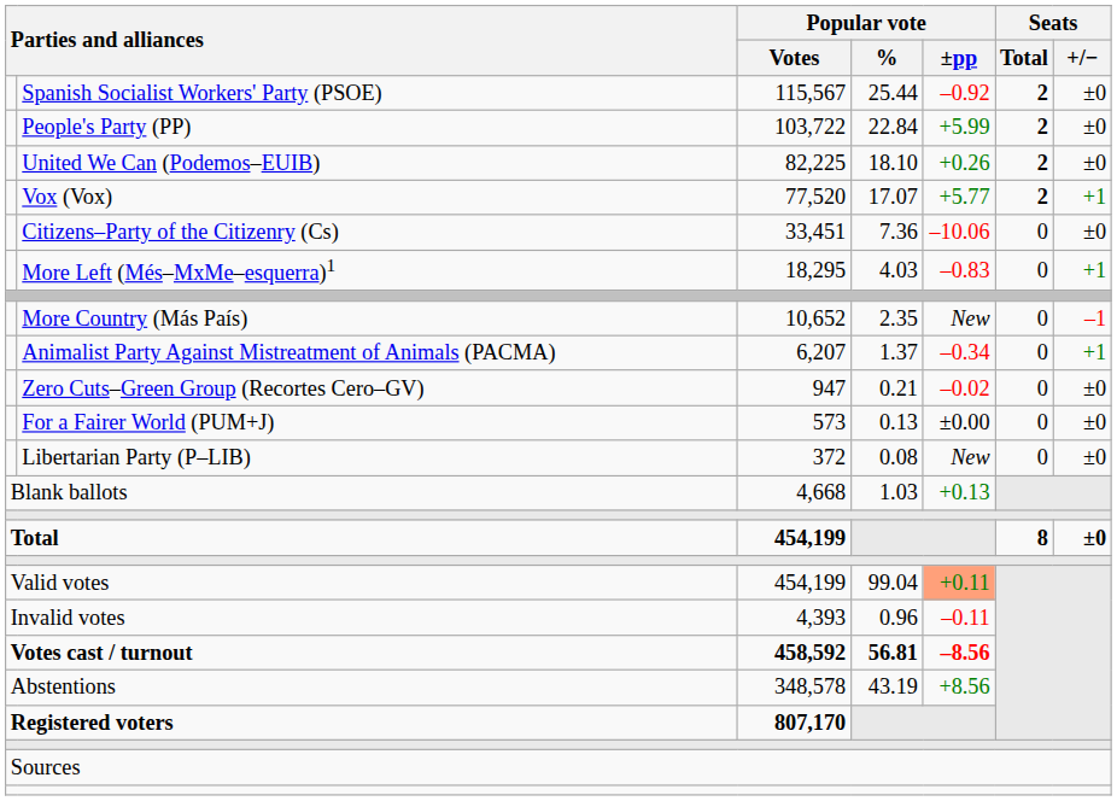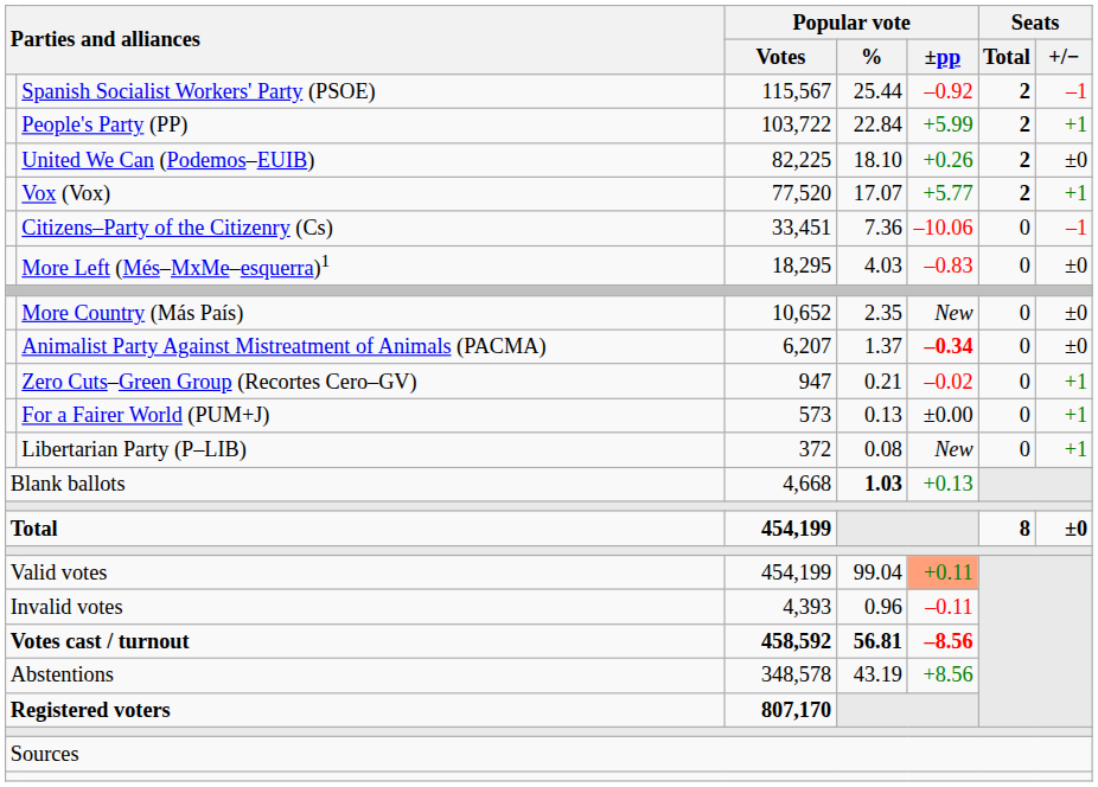 <table class="wikitable" style="text-align:right;">
 <tr>
 <th style="text-align:left;" rowspan="2" colspan="2" width="525">Parties and alliances</th>
 <th colspan="3">Popular vote</th>
 <th colspan="2">Seats</th>
 </tr>
 <tr>
 <th width="75">Votes</th>
 <th width="45">%</th>
 <th width="45">±<a href='#'>pp</a></th>
 <th width="35">Total</th>
 <th width="35">+/−</th>
 </tr>
 <tr>
 <td width="1" style="color:inherit;background:"></td>
 <td align="left"><a href='#'>Spanish Socialist Workers' Party</a> (PSOE)</td>
 <td>115,567</td>
 <td>25.44</td>
 <td style="color:red;">–0.92</td>
 <td><strong>2</strong></td>
-<td>±0</td>
+<td style="color:red;">–1</td>
 </tr>
 <tr>
 <td style="color:inherit;background:"></td>
 <td align="left"><a href='#'>People's Party</a> (PP)</td>
 <td>103,722</td>
 <td>22.84</td>
 <td style="color:green;">+5.99</td>
 <td><strong>2</strong></td>
-<td>±0</td>
+<td style="color:green;">+1</td>
 </tr>
 <tr>
 <td style="color:inherit;background:"></td>
 <td align="left"><a href='#'>United We Can</a> (<a href='#'>Podemos</a>–<a href='#'>EUIB</a>)</td>
 <td>82,225</td>
 <td>18.10</td>
 <td style="color:green;">+0.26</td>
 <td><strong>2</strong></td>
 <td>±0</td>
 </tr>
 <tr>
 <td style="color:inherit;background:"></td>
 <td align="left"><a href='#'>Vox</a> (Vox)</td>
 <td>77,520</td>
 <td>17.07</td>
 <td style="color:green;">+5.77</td>
 <td><strong>2</strong></td>
 <td style="color:green;">+1</td>
 </tr>
 <tr>
 <td style="color:inherit;background:"></td>
 <td align="left"><a href='#'>Citizens–Party of the Citizenry</a> (Cs)</td>
 <td>33,451</td>
 <td>7.36</td>
 <td style="color:red;">–10.06</td>
 <td>0</td>
-<td>±0</td>
+<td style="color:red;">–1</td>
 </tr>
 <tr>
 <td style="color:inherit;background:"></td>
 <td align="left"><a href='#'>More Left</a> (<a href='#'>Més</a>–<a href='#'>MxMe</a>–<a href='#'>esquerra</a>)<sup>1</sup></td>
 <td>18,295</td>
 <td>4.03</td>
 <td style="color:red;">–0.83</td>
 <td>0</td>
-<td style="color:green;">+1</td>
+<td>±0</td>
 </tr>
 <tr>
 <td colspan="7" bgcolor="#C0C0C0"></td>
 </tr>
 <tr>
 <td style="color:inherit;background:"></td>
 <td align="left"><a href='#'>More Country</a> (Más País)</td>
 <td>10,652</td>
 <td>2.35</td>
 <td><em>New</em></td>
 <td>0</td>
-<td style="color:red;">–1</td>
+<td>±0</td>
 </tr>
 <tr>
 <td style="color:inherit;background:"></td>
 <td align="left"><a href='#'>Animalist Party Against Mistreatment of Animals</a> (PACMA)</td>
 <td>6,207</td>
 <td>1.37</td>
-<td style="color:red;">–0.34</td>
+<td style="color:red;"><strong>–0.34</strong></td>
 <td>0</td>
-<td style="color:green;">+1</td>
+<td>±0</td>
 </tr>
 <tr>
 <td style="color:inherit;background:"></td>
 <td align="left"><a href='#'>Zero Cuts</a>–<a href='#'>Green Group</a> (Recortes Cero–GV)</td>
 <td>947</td>
 <td>0.21</td>
 <td style="color:red;">–0.02</td>
 <td>0</td>
-<td>±0</td>
+<td style="color:green;">+1</td>
 </tr>
 <tr>
 <td style="color:inherit;background:"></td>
 <td align="left"><a href='#'>For a Fairer World</a> (PUM+J)</td>
 <td>573</td>
 <td>0.13</td>
 <td>±0.00</td>
 <td>0</td>
-<td>±0</td>
+<td style="color:green;">+1</td>
 </tr>
 <tr>
 <td style="color:inherit;background:"></td>
 <td align="left">Libertarian Party (P–LIB)</td>
 <td>372</td>
 <td>0.08</td>
 <td><em>New</em></td>
 <td>0</td>
-<td>±0</td>
+<td style="color:green;">+1</td>
 </tr>
 <tr>
 <td align="left" colspan="2">Blank ballots</td>
 <td>4,668</td>
-<td>1.03</td>
+<td><strong>1.03</strong></td>
 <td style="color:green;">+0.13</td>
 <td bgcolor="#E9E9E9" colspan="2"></td>
 </tr>
 <tr>
 <td colspan="7" bgcolor="#E9E9E9"></td>
 </tr>
 <tr style="font-weight:bold;">
 <td align="left" colspan="2">Total</td>
 <td>454,199</td>
 <td bgcolor="#E9E9E9" colspan="2"></td>
 <td>8</td>
 <td>±0</td>
 </tr>
 <tr>
 <td colspan="7" bgcolor="#E9E9E9"></td>
 </tr>
 <tr>
 <td align="left" colspan="2">Valid votes</td>
 <td>454,199</td>
 <td>99.04</td>
 <td style="background: lightsalmon; color:green;">+0.11</td>
 <td bgcolor="#E9E9E9" colspan="2" rowspan="5"></td>
 </tr>
 <tr>
 <td align="left" colspan="2">Invalid votes</td>
 <td>4,393</td>
 <td>0.96</td>
 <td style="color:red;">–0.11</td>
 </tr>
 <tr style="font-weight:bold;">
 <td align="left" colspan="2">Votes cast / turnout</td>
 <td>458,592</td>
 <td>56.81</td>
 <td style="color:red;">–8.56</td>
 </tr>
 <tr>
 <td align="left" colspan="2">Abstentions</td>
 <td>348,578</td>
 <td>43.19</td>
 <td style="color:green;">+8.56</td>
 </tr>
 <tr style="font-weight:bold;">
 <td align="left" colspan="2">Registered voters</td>
 <td>807,170</td>
 <td bgcolor="#E9E9E9" colspan="2"></td>
 </tr>
 <tr>
 <td colspan="7" bgcolor="#E9E9E9"></td>
 </tr>
 <tr>
 <td align="left" colspan="7">Sources</td>
 </tr>
 <tr>
 <td colspan="7" style="text-align:left; max-width:790px;"></td>
 </tr>
 </table>
